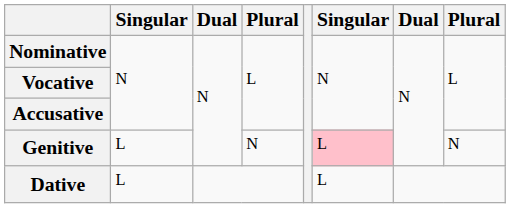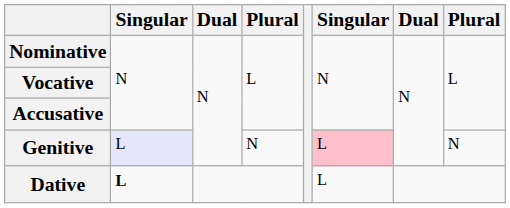 <table class="wikitable">
 <tr>
 <th></th>
 <th>Singular</th>
 <th>Dual</th>
 <th>Plural</th>
 <th rowspan="6"></th>
 <th>Singular</th>
 <th>Dual</th>
 <th>Plural</th>
 </tr>
 <tr>
 <th>Nominative</th>
 <td rowspan="3"><sup>N</sup></td>
 <td rowspan="4"><sup>N</sup></td>
 <td rowspan="3"><sup>L</sup></td>
 <td rowspan="3"><sup>N</sup></td>
 <td rowspan="4"><sup>N</sup></td>
 <td rowspan="3"><sup>L</sup></td>
 </tr>
 <tr>
 <th>Vocative</th>
 </tr>
 <tr>
 <th>Accusative</th>
 </tr>
 <tr>
 <th>Genitive</th>
-<td><sup>L</sup></td>
+<td style="background: lavender;"><sup>L</sup></td>
 <td><sup>N</sup></td>
 <td style="background: pink;"><sup>L</sup></td>
 <td><sup>N</sup></td>
 </tr>
 <tr>
 <th>Dative</th>
-<td><sup>L</sup></td>
+<td><strong><sup>L</sup></strong></td>
 <td colspan="2"></td>
 <td><sup>L</sup></td>
 <td colspan="2"></td>
 </tr>
 </table>
